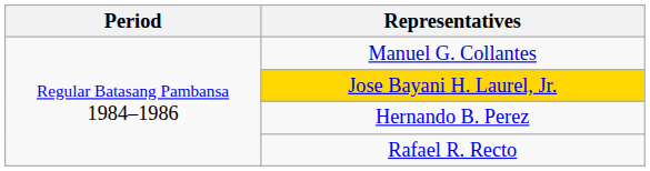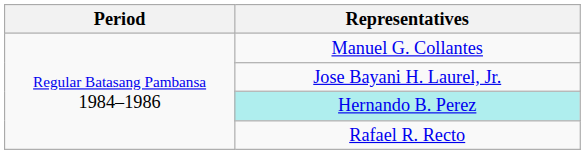 <table class="wikitable" style="text-align:center; width:40%;">
 <tr>
 <th width="40%">Period</th>
 <th>Representatives</th>
 </tr>
 <tr>
 <td rowspan="4"><small><a href='#'>Regular Batasang Pambansa</a></small><br>1984–1986</td>
 <td><a href='#'>Manuel G. Collantes</a></td>
 </tr>
 <tr>
-<td style="background: gold;"><a href='#'>Jose Bayani H. Laurel, Jr.</a></td>
+<td><a href='#'>Jose Bayani H. Laurel, Jr.</a></td>
 </tr>
 <tr>
-<td><a href='#'>Hernando B. Perez</a></td>
+<td style="background: paleturquoise;"><a href='#'>Hernando B. Perez</a></td>
 </tr>
 <tr>
 <td><a href='#'>Rafael R. Recto</a></td>
 </tr>
 </table>
